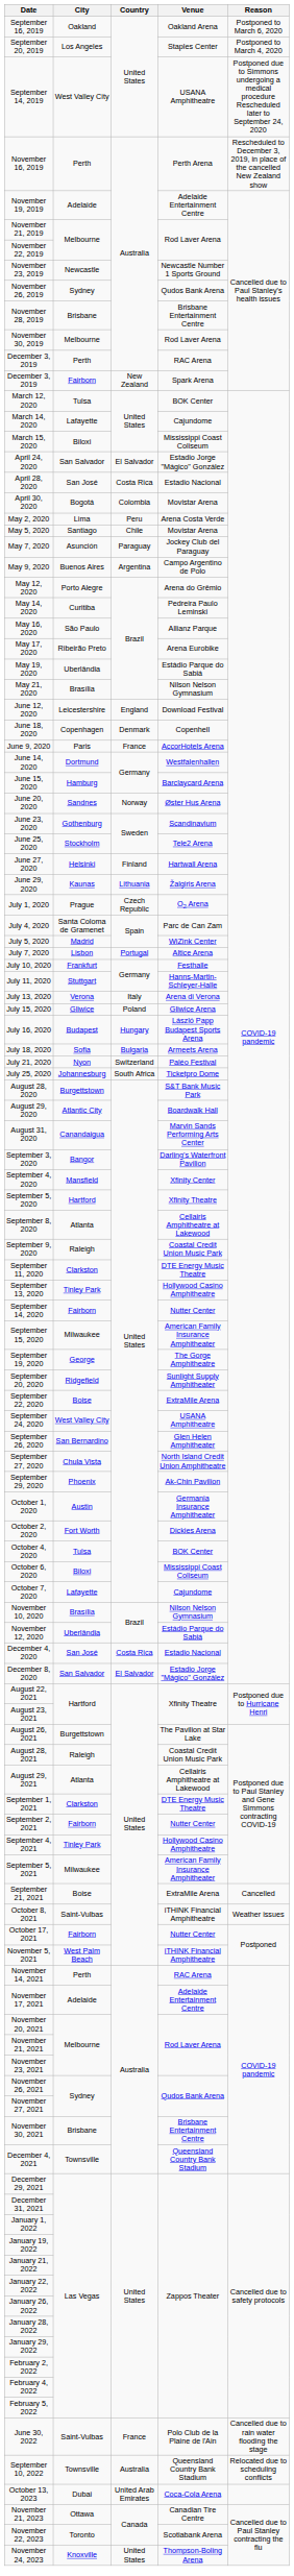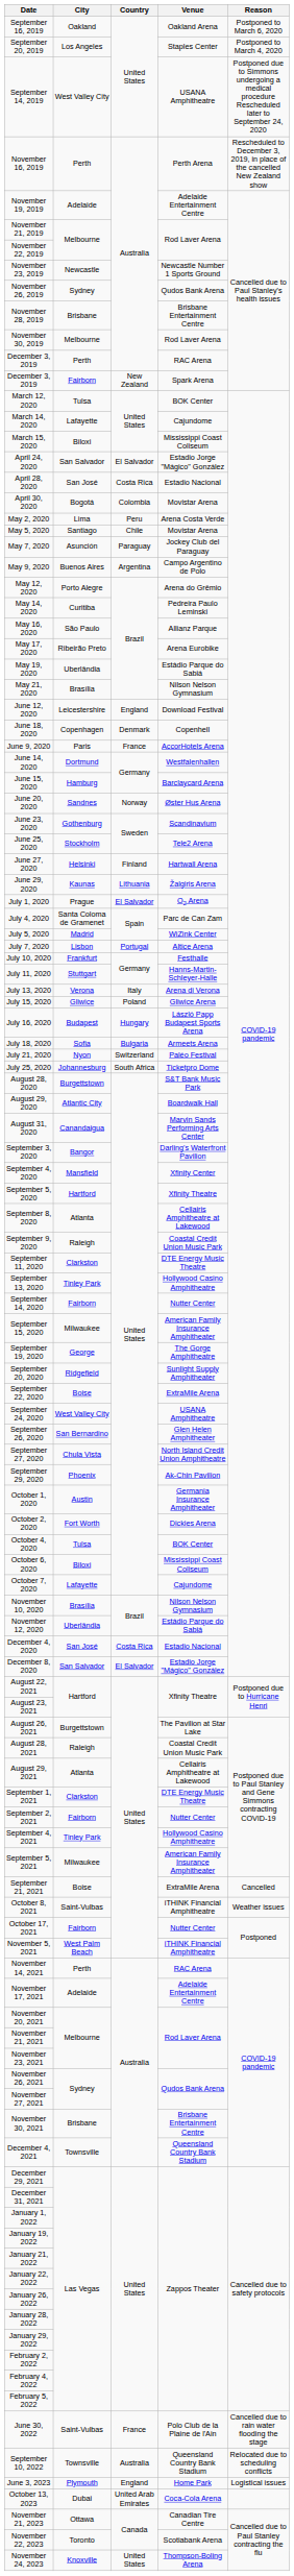 <table class="wikitable" style="text-align:center;">
 <tr>
 <th width="200">Date</th>
 <th width="200">City</th>
 <th width="150">Country</th>
 <th width="300">Venue</th>
 <th width="300">Reason</th>
 </tr>
 <tr>
 <td>September 16, 2019</td>
 <td>Oakland</td>
 <td rowspan="3">United States</td>
 <td>Oakland Arena</td>
 <td>Postponed to March 6, 2020</td>
 </tr>
 <tr>
 <td>September 20, 2019</td>
 <td>Los Angeles</td>
 <td>Staples Center</td>
 <td>Postponed to March 4, 2020</td>
 </tr>
 <tr>
 <td>September 14, 2019</td>
 <td>West Valley City</td>
 <td>USANA Amphitheatre</td>
 <td>Postponed due to Simmons undergoing a medical procedure<br>Rescheduled later to September 24, 2020</td>
 </tr>
 <tr>
 <td>November 16, 2019</td>
 <td>Perth</td>
 <td rowspan="9">Australia</td>
 <td>Perth Arena</td>
 <td>Rescheduled to December 3, 2019, in place of the cancelled New Zealand show</td>
 </tr>
 <tr>
 <td>November 19, 2019</td>
 <td>Adelaide</td>
 <td>Adelaide Entertainment Centre</td>
 <td rowspan="9">Cancelled due to Paul Stanley's health issues</td>
 </tr>
 <tr>
 <td>November 21, 2019</td>
 <td rowspan="2">Melbourne</td>
 <td rowspan="2">Rod Laver Arena</td>
 </tr>
 <tr>
 <td>November 22, 2019</td>
 </tr>
 <tr>
 <td>November 23, 2019</td>
 <td>Newcastle</td>
 <td>Newcastle Number 1 Sports Ground</td>
 </tr>
 <tr>
 <td>November 26, 2019</td>
 <td>Sydney</td>
 <td>Qudos Bank Arena</td>
 </tr>
 <tr>
 <td>November 28, 2019</td>
 <td>Brisbane</td>
 <td>Brisbane Entertainment Centre</td>
 </tr>
 <tr>
 <td>November 30, 2019</td>
 <td>Melbourne</td>
 <td>Rod Laver Arena</td>
 </tr>
 <tr>
 <td>December 3, 2019</td>
 <td>Perth</td>
 <td>RAC Arena</td>
 </tr>
 <tr>
 <td>December 3, 2019</td>
 <td><a href='#'>Fairborn</a></td>
 <td>New Zealand</td>
 <td>Spark Arena</td>
 </tr>
 <tr>
 <td>March 12, 2020</td>
 <td>Tulsa</td>
 <td rowspan="3">United States</td>
 <td>BOK Center</td>
 <td rowspan="66"><a href='#'>COVID-19 pandemic</a><br></td>
 </tr>
 <tr>
 <td>March 14, 2020</td>
 <td>Lafayette</td>
 <td>Cajundome</td>
 </tr>
 <tr>
 <td>March 15, 2020</td>
 <td>Biloxi</td>
 <td>Mississippi Coast Coliseum</td>
 </tr>
 <tr>
 <td>April 24, 2020</td>
 <td>San Salvador</td>
 <td>El Salvador</td>
 <td>Estadio Jorge "Mágico" González</td>
 </tr>
 <tr>
 <td>April 28, 2020</td>
 <td>San José</td>
 <td>Costa Rica</td>
 <td>Estadio Nacional</td>
 </tr>
 <tr>
 <td>April 30, 2020</td>
 <td>Bogotá</td>
 <td>Colombia</td>
 <td>Movistar Arena</td>
 </tr>
 <tr>
 <td>May 2, 2020</td>
 <td>Lima</td>
 <td>Peru</td>
 <td>Arena Costa Verde</td>
 </tr>
 <tr>
 <td>May 5, 2020</td>
 <td>Santiago</td>
 <td>Chile</td>
 <td>Movistar Arena</td>
 </tr>
 <tr>
 <td>May 7, 2020</td>
 <td>Asunción</td>
 <td>Paraguay</td>
 <td>Jockey Club del Paraguay</td>
 </tr>
 <tr>
 <td>May 9, 2020</td>
 <td>Buenos Aires</td>
 <td>Argentina</td>
 <td>Campo Argentino de Polo</td>
 </tr>
 <tr>
 <td>May 12, 2020</td>
 <td>Porto Alegre</td>
 <td rowspan="6">Brazil</td>
 <td>Arena do Grêmio</td>
 </tr>
 <tr>
 <td>May 14, 2020</td>
 <td>Curitiba</td>
 <td>Pedreira Paulo Leminski</td>
 </tr>
 <tr>
 <td>May 16, 2020</td>
 <td>São Paulo</td>
 <td>Allianz Parque</td>
 </tr>
 <tr>
 <td>May 17, 2020</td>
 <td>Ribeirão Preto</td>
 <td>Arena Eurobike</td>
 </tr>
 <tr>
 <td>May 19, 2020</td>
 <td>Uberlândia</td>
 <td>Estádio Parque do Sabiá</td>
 </tr>
 <tr>
 <td>May 21, 2020</td>
 <td>Brasília</td>
 <td>Nilson Nelson Gymnasium</td>
 </tr>
 <tr>
 <td>June 12, 2020</td>
 <td>Leicestershire</td>
 <td>England</td>
 <td>Download Festival</td>
 </tr>
 <tr>
 <td>June 18, 2020</td>
 <td>Copenhagen</td>
 <td>Denmark</td>
 <td>Copenhell</td>
 </tr>
 <tr>
 <td>June 9, 2020</td>
 <td>Paris</td>
 <td>France</td>
 <td><a href='#'>AccorHotels Arena</a></td>
 </tr>
 <tr>
 <td>June 14, 2020</td>
 <td><a href='#'>Dortmund</a></td>
 <td rowspan="2">Germany</td>
 <td><a href='#'>Westfalenhallen</a></td>
 </tr>
 <tr>
 <td>June 15, 2020</td>
 <td><a href='#'>Hamburg</a></td>
 <td><a href='#'>Barclaycard Arena</a></td>
 </tr>
 <tr>
 <td>June 20, 2020</td>
 <td><a href='#'>Sandnes</a></td>
 <td>Norway</td>
 <td><a href='#'>Øster Hus Arena</a></td>
 </tr>
 <tr>
 <td>June 23, 2020</td>
 <td><a href='#'>Gothenburg</a></td>
 <td rowspan="2">Sweden</td>
 <td><a href='#'>Scandinavium</a></td>
 </tr>
 <tr>
 <td>June 25, 2020</td>
 <td><a href='#'>Stockholm</a></td>
 <td><a href='#'>Tele2 Arena</a></td>
 </tr>
 <tr>
 <td>June 27, 2020</td>
 <td><a href='#'>Helsinki</a></td>
 <td>Finland</td>
 <td><a href='#'>Hartwall Arena</a></td>
 </tr>
 <tr>
 <td>June 29, 2020</td>
 <td><a href='#'>Kaunas</a></td>
 <td><a href='#'>Lithuania</a></td>
 <td><a href='#'>Žalgiris Arena</a></td>
 </tr>
 <tr>
 <td>July 1, 2020</td>
 <td>Prague</td>
-<td>Czech Republic</td>
+<td><a href='#'>El Salvador</a></td>
 <td><a href='#'>O<sub>2</sub> Arena</a></td>
 </tr>
 <tr>
 <td>July 4, 2020</td>
 <td>Santa Coloma de Gramenet</td>
 <td rowspan="2">Spain</td>
 <td>Parc de Can Zam</td>
 </tr>
 <tr>
 <td>July 5, 2020</td>
 <td><a href='#'>Madrid</a></td>
 <td><a href='#'>WiZink Center</a></td>
 </tr>
 <tr>
 <td>July 7, 2020</td>
 <td><a href='#'>Lisbon</a></td>
 <td><a href='#'>Portugal</a></td>
 <td><a href='#'>Altice Arena</a></td>
 </tr>
 <tr>
 <td>July 10, 2020</td>
 <td><a href='#'>Frankfurt</a></td>
 <td rowspan="2">Germany</td>
 <td><a href='#'>Festhalle</a></td>
 </tr>
 <tr>
 <td>July 11, 2020</td>
 <td><a href='#'>Stuttgart</a></td>
 <td><a href='#'>Hanns-Martin-Schleyer-Halle</a></td>
 </tr>
 <tr>
 <td>July 13, 2020</td>
 <td><a href='#'>Verona</a></td>
 <td>Italy</td>
 <td><a href='#'>Arena di Verona</a></td>
 </tr>
 <tr>
 <td>July 15, 2020</td>
 <td><a href='#'>Gliwice</a></td>
 <td>Poland</td>
 <td><a href='#'>Gliwice Arena</a></td>
 </tr>
 <tr>
 <td>July 16, 2020</td>
 <td><a href='#'>Budapest</a></td>
 <td><a href='#'>Hungary</a></td>
 <td><a href='#'>László Papp Budapest Sports Arena</a></td>
 </tr>
 <tr>
 <td>July 18, 2020</td>
 <td><a href='#'>Sofia</a></td>
 <td><a href='#'>Bulgaria</a></td>
 <td><a href='#'>Armeets Arena</a></td>
 </tr>
 <tr>
 <td>July 21, 2020</td>
 <td><a href='#'>Nyon</a></td>
 <td>Switzerland</td>
 <td><a href='#'>Paléo Festival</a></td>
 </tr>
 <tr>
 <td>July 25, 2020</td>
 <td><a href='#'>Johannesburg</a></td>
 <td>South Africa</td>
 <td><a href='#'>Ticketpro Dome</a></td>
 </tr>
 <tr>
 <td>August 28, 2020</td>
 <td><a href='#'>Burgettstown</a></td>
 <td rowspan="24">United States</td>
 <td><a href='#'>S&T Bank Music Park</a></td>
 </tr>
 <tr>
 <td>August 29, 2020</td>
 <td><a href='#'>Atlantic City</a></td>
 <td><a href='#'>Boardwalk Hall</a></td>
 </tr>
 <tr>
 <td>August 31, 2020</td>
 <td><a href='#'>Canandaigua</a></td>
 <td><a href='#'>Marvin Sands Performing Arts Center</a></td>
 </tr>
 <tr>
 <td>September 3, 2020</td>
 <td><a href='#'>Bangor</a></td>
 <td><a href='#'>Darling's Waterfront Pavilion</a></td>
 </tr>
 <tr>
 <td>September 4, 2020</td>
 <td><a href='#'>Mansfield</a></td>
 <td><a href='#'>Xfinity Center</a></td>
 </tr>
 <tr>
 <td>September 5, 2020</td>
 <td><a href='#'>Hartford</a></td>
 <td><a href='#'>Xfinity Theatre</a></td>
 </tr>
 <tr>
 <td>September 8, 2020</td>
 <td>Atlanta</td>
 <td><a href='#'>Cellairis Amphitheatre at Lakewood</a></td>
 </tr>
 <tr>
 <td>September 9, 2020</td>
 <td>Raleigh</td>
 <td><a href='#'>Coastal Credit Union Music Park</a></td>
 </tr>
 <tr>
 <td>September 11, 2020</td>
 <td><a href='#'>Clarkston</a></td>
 <td><a href='#'>DTE Energy Music Theatre</a></td>
 </tr>
 <tr>
 <td>September 13, 2020</td>
 <td><a href='#'>Tinley Park</a></td>
 <td><a href='#'>Hollywood Casino Amphitheatre</a></td>
 </tr>
 <tr>
 <td>September 14, 2020</td>
 <td><a href='#'>Fairborn</a></td>
 <td><a href='#'>Nutter Center</a></td>
 </tr>
 <tr>
 <td>September 15, 2020</td>
 <td>Milwaukee</td>
 <td><a href='#'>American Family Insurance Amphitheater</a></td>
 </tr>
 <tr>
 <td>September 19, 2020</td>
 <td><a href='#'>George</a></td>
 <td><a href='#'>The Gorge Amphitheatre</a></td>
 </tr>
 <tr>
 <td>September 20, 2020</td>
 <td><a href='#'>Ridgefield</a></td>
 <td><a href='#'>Sunlight Supply Amphitheater</a></td>
 </tr>
 <tr>
 <td>September 22, 2020</td>
 <td><a href='#'>Boise</a></td>
 <td><a href='#'>ExtraMile Arena</a></td>
 </tr>
 <tr>
 <td>September 24, 2020</td>
 <td><a href='#'>West Valley City</a></td>
 <td><a href='#'>USANA Amphitheatre</a></td>
 </tr>
 <tr>
 <td>September 26, 2020</td>
 <td><a href='#'>San Bernardino</a></td>
 <td><a href='#'>Glen Helen Amphitheater</a></td>
 </tr>
 <tr>
 <td>September 27, 2020</td>
 <td><a href='#'>Chula Vista</a></td>
 <td><a href='#'>North Island Credit Union Amphitheatre</a></td>
 </tr>
 <tr>
 <td>September 29, 2020</td>
 <td><a href='#'>Phoenix</a></td>
 <td><a href='#'>Ak-Chin Pavilion</a></td>
 </tr>
 <tr>
 <td>October 1, 2020</td>
 <td><a href='#'>Austin</a></td>
 <td><a href='#'>Germania Insurance Amphitheater</a></td>
 </tr>
 <tr>
 <td>October 2, 2020</td>
 <td><a href='#'>Fort Worth</a></td>
 <td><a href='#'>Dickies Arena</a></td>
 </tr>
 <tr>
 <td>October 4, 2020</td>
 <td><a href='#'>Tulsa</a></td>
 <td><a href='#'>BOK Center</a></td>
 </tr>
 <tr>
 <td>October 6, 2020</td>
 <td><a href='#'>Biloxi</a></td>
 <td><a href='#'>Mississippi Coast Coliseum</a></td>
 </tr>
 <tr>
 <td>October 7, 2020</td>
 <td><a href='#'>Lafayette</a></td>
 <td><a href='#'>Cajundome</a></td>
 </tr>
 <tr>
 <td>November 10, 2020</td>
 <td><a href='#'>Brasília</a></td>
 <td rowspan="2">Brazil</td>
 <td><a href='#'>Nilson Nelson Gymnasium</a></td>
 </tr>
 <tr>
 <td>November 12, 2020</td>
 <td><a href='#'>Uberlândia</a></td>
 <td><a href='#'>Estádio Parque do Sabiá</a></td>
 </tr>
 <tr>
 <td>December 4, 2020</td>
 <td><a href='#'>San José</a></td>
 <td><a href='#'>Costa Rica</a></td>
 <td><a href='#'>Estadio Nacional</a></td>
 </tr>
 <tr>
 <td>December 8, 2020</td>
 <td><a href='#'>San Salvador</a></td>
 <td><a href='#'>El Salvador</a></td>
 <td><a href='#'>Estadio Jorge "Mágico" González</a></td>
 </tr>
 <tr>
 <td>August 22, 2021</td>
 <td rowspan="2">Hartford</td>
 <td rowspan="13">United States</td>
 <td rowspan="2">Xfinity Theatre</td>
 <td rowspan="2">Postponed due to <a href='#'>Hurricane Henri</a></td>
 </tr>
 <tr>
 <td>August 23, 2021</td>
 </tr>
 <tr>
 <td>August 26, 2021</td>
 <td>Burgettstown</td>
 <td>The Pavilion at Star Lake</td>
 <td rowspan="7">Postponed due to Paul Stanley and Gene Simmons contracting COVID-19</td>
 </tr>
 <tr>
 <td>August 28, 2021</td>
 <td>Raleigh</td>
 <td>Coastal Credit Union Music Park</td>
 </tr>
 <tr>
 <td>August 29, 2021</td>
 <td>Atlanta</td>
 <td>Cellairis Amphitheatre at Lakewood</td>
 </tr>
 <tr>
 <td>September 1, 2021</td>
 <td><a href='#'>Clarkston</a></td>
 <td><a href='#'>DTE Energy Music Theatre</a></td>
 </tr>
 <tr>
 <td>September 2, 2021</td>
 <td><a href='#'>Fairborn</a></td>
 <td><a href='#'>Nutter Center</a></td>
 </tr>
 <tr>
 <td>September 4, 2021</td>
 <td><a href='#'>Tinley Park</a></td>
 <td><a href='#'>Hollywood Casino Amphitheatre</a></td>
 </tr>
 <tr>
 <td>September 5, 2021</td>
 <td>Milwaukee</td>
 <td><a href='#'>American Family Insurance Amphitheater</a></td>
 </tr>
 <tr>
 <td>September 21, 2021</td>
 <td>Boise</td>
 <td>ExtraMile Arena</td>
 <td>Cancelled</td>
 </tr>
 <tr>
 <td>October 8, 2021</td>
 <td>Saint-Vulbas</td>
 <td>iTHINK Financial Amphitheatre</td>
 <td>Weather issues</td>
 </tr>
 <tr>
 <td>October 17, 2021</td>
 <td><a href='#'>Fairborn</a></td>
 <td><a href='#'>Nutter Center</a></td>
 <td rowspan="2">Postponed</td>
 </tr>
 <tr>
 <td>November 5, 2021</td>
 <td><a href='#'>West Palm Beach</a></td>
 <td><a href='#'>iTHINK Financial Amphitheatre</a></td>
 </tr>
 <tr>
 <td>November 14, 2021</td>
 <td>Perth</td>
 <td rowspan="9">Australia</td>
 <td><a href='#'>RAC Arena</a></td>
 <td rowspan="9"><a href='#'>COVID-19 pandemic</a></td>
 </tr>
 <tr>
 <td>November 17, 2021</td>
 <td>Adelaide</td>
 <td><a href='#'>Adelaide Entertainment Centre</a></td>
 </tr>
 <tr>
 <td>November 20, 2021</td>
 <td rowspan="3">Melbourne</td>
 <td rowspan="3"><a href='#'>Rod Laver Arena</a></td>
 </tr>
 <tr>
 <td>November 21, 2021</td>
 </tr>
 <tr>
 <td>November 23, 2021</td>
 </tr>
 <tr>
 <td>November 26, 2021</td>
 <td rowspan="2">Sydney</td>
 <td rowspan="2"><a href='#'>Qudos Bank Arena</a></td>
 </tr>
 <tr>
 <td>November 27, 2021</td>
 </tr>
 <tr>
 <td>November 30, 2021</td>
 <td>Brisbane</td>
 <td><a href='#'>Brisbane Entertainment Centre</a></td>
 </tr>
 <tr>
 <td>December 4, 2021</td>
 <td>Townsville</td>
 <td><a href='#'>Queensland Country Bank Stadium</a></td>
 </tr>
 <tr>
 <td>December 29, 2021</td>
 <td rowspan="12">Las Vegas</td>
 <td rowspan="12">United States</td>
 <td rowspan="12">Zappos Theater</td>
 <td rowspan="12">Cancelled due to safety protocols</td>
 </tr>
 <tr>
 <td>December 31, 2021</td>
 </tr>
 <tr>
 <td>January 1, 2022</td>
 </tr>
 <tr>
 <td>January 19, 2022</td>
 </tr>
 <tr>
 <td>January 21, 2022</td>
 </tr>
 <tr>
 <td>January 22, 2022</td>
 </tr>
 <tr>
 <td>January 26, 2022</td>
 </tr>
 <tr>
 <td>January 28, 2022</td>
 </tr>
 <tr>
 <td>January 29, 2022</td>
 </tr>
 <tr>
 <td>February 2, 2022</td>
 </tr>
 <tr>
 <td>February 4, 2022</td>
 </tr>
 <tr>
 <td>February 5, 2022</td>
 </tr>
 <tr>
 <td>June 30, 2022</td>
 <td>Saint-Vulbas</td>
 <td>France</td>
 <td>Polo Club de la Plaine de l'Ain</td>
 <td>Cancelled due to rain water flooding the stage</td>
 </tr>
 <tr>
 <td>September 10, 2022</td>
 <td>Townsville</td>
 <td>Australia</td>
 <td>Queensland Country Bank Stadium</td>
 <td>Relocated due to scheduling conflicts</td>
 </tr>
 <tr>
+<td>June 3, 2023</td>
+<td><a href='#'>Plymouth</a></td>
+<td>England</td>
+<td><a href='#'>Home Park</a></td>
+<td>Logistical issues</td>
+</tr>
+<tr>
 <td>October 13, 2023</td>
 <td>Dubai</td>
 <td>United Arab Emirates</td>
 <td><a href='#'>Coca-Cola Arena</a></td>
 <td></td>
 </tr>
 <tr>
 <td>November 21, 2023</td>
 <td>Ottawa</td>
 <td rowspan="2">Canada</td>
 <td>Canadian Tire Centre</td>
 <td rowspan="3">Cancelled due to Paul Stanley contracting the flu</td>
 </tr>
 <tr>
 <td>November 22, 2023</td>
 <td>Toronto</td>
 <td>Scotiabank Arena</td>
 </tr>
 <tr>
 <td>November 24, 2023</td>
 <td><a href='#'>Knoxville</a></td>
 <td>United States</td>
 <td><a href='#'>Thompson-Boling Arena</a></td>
 </tr>
 </table>
